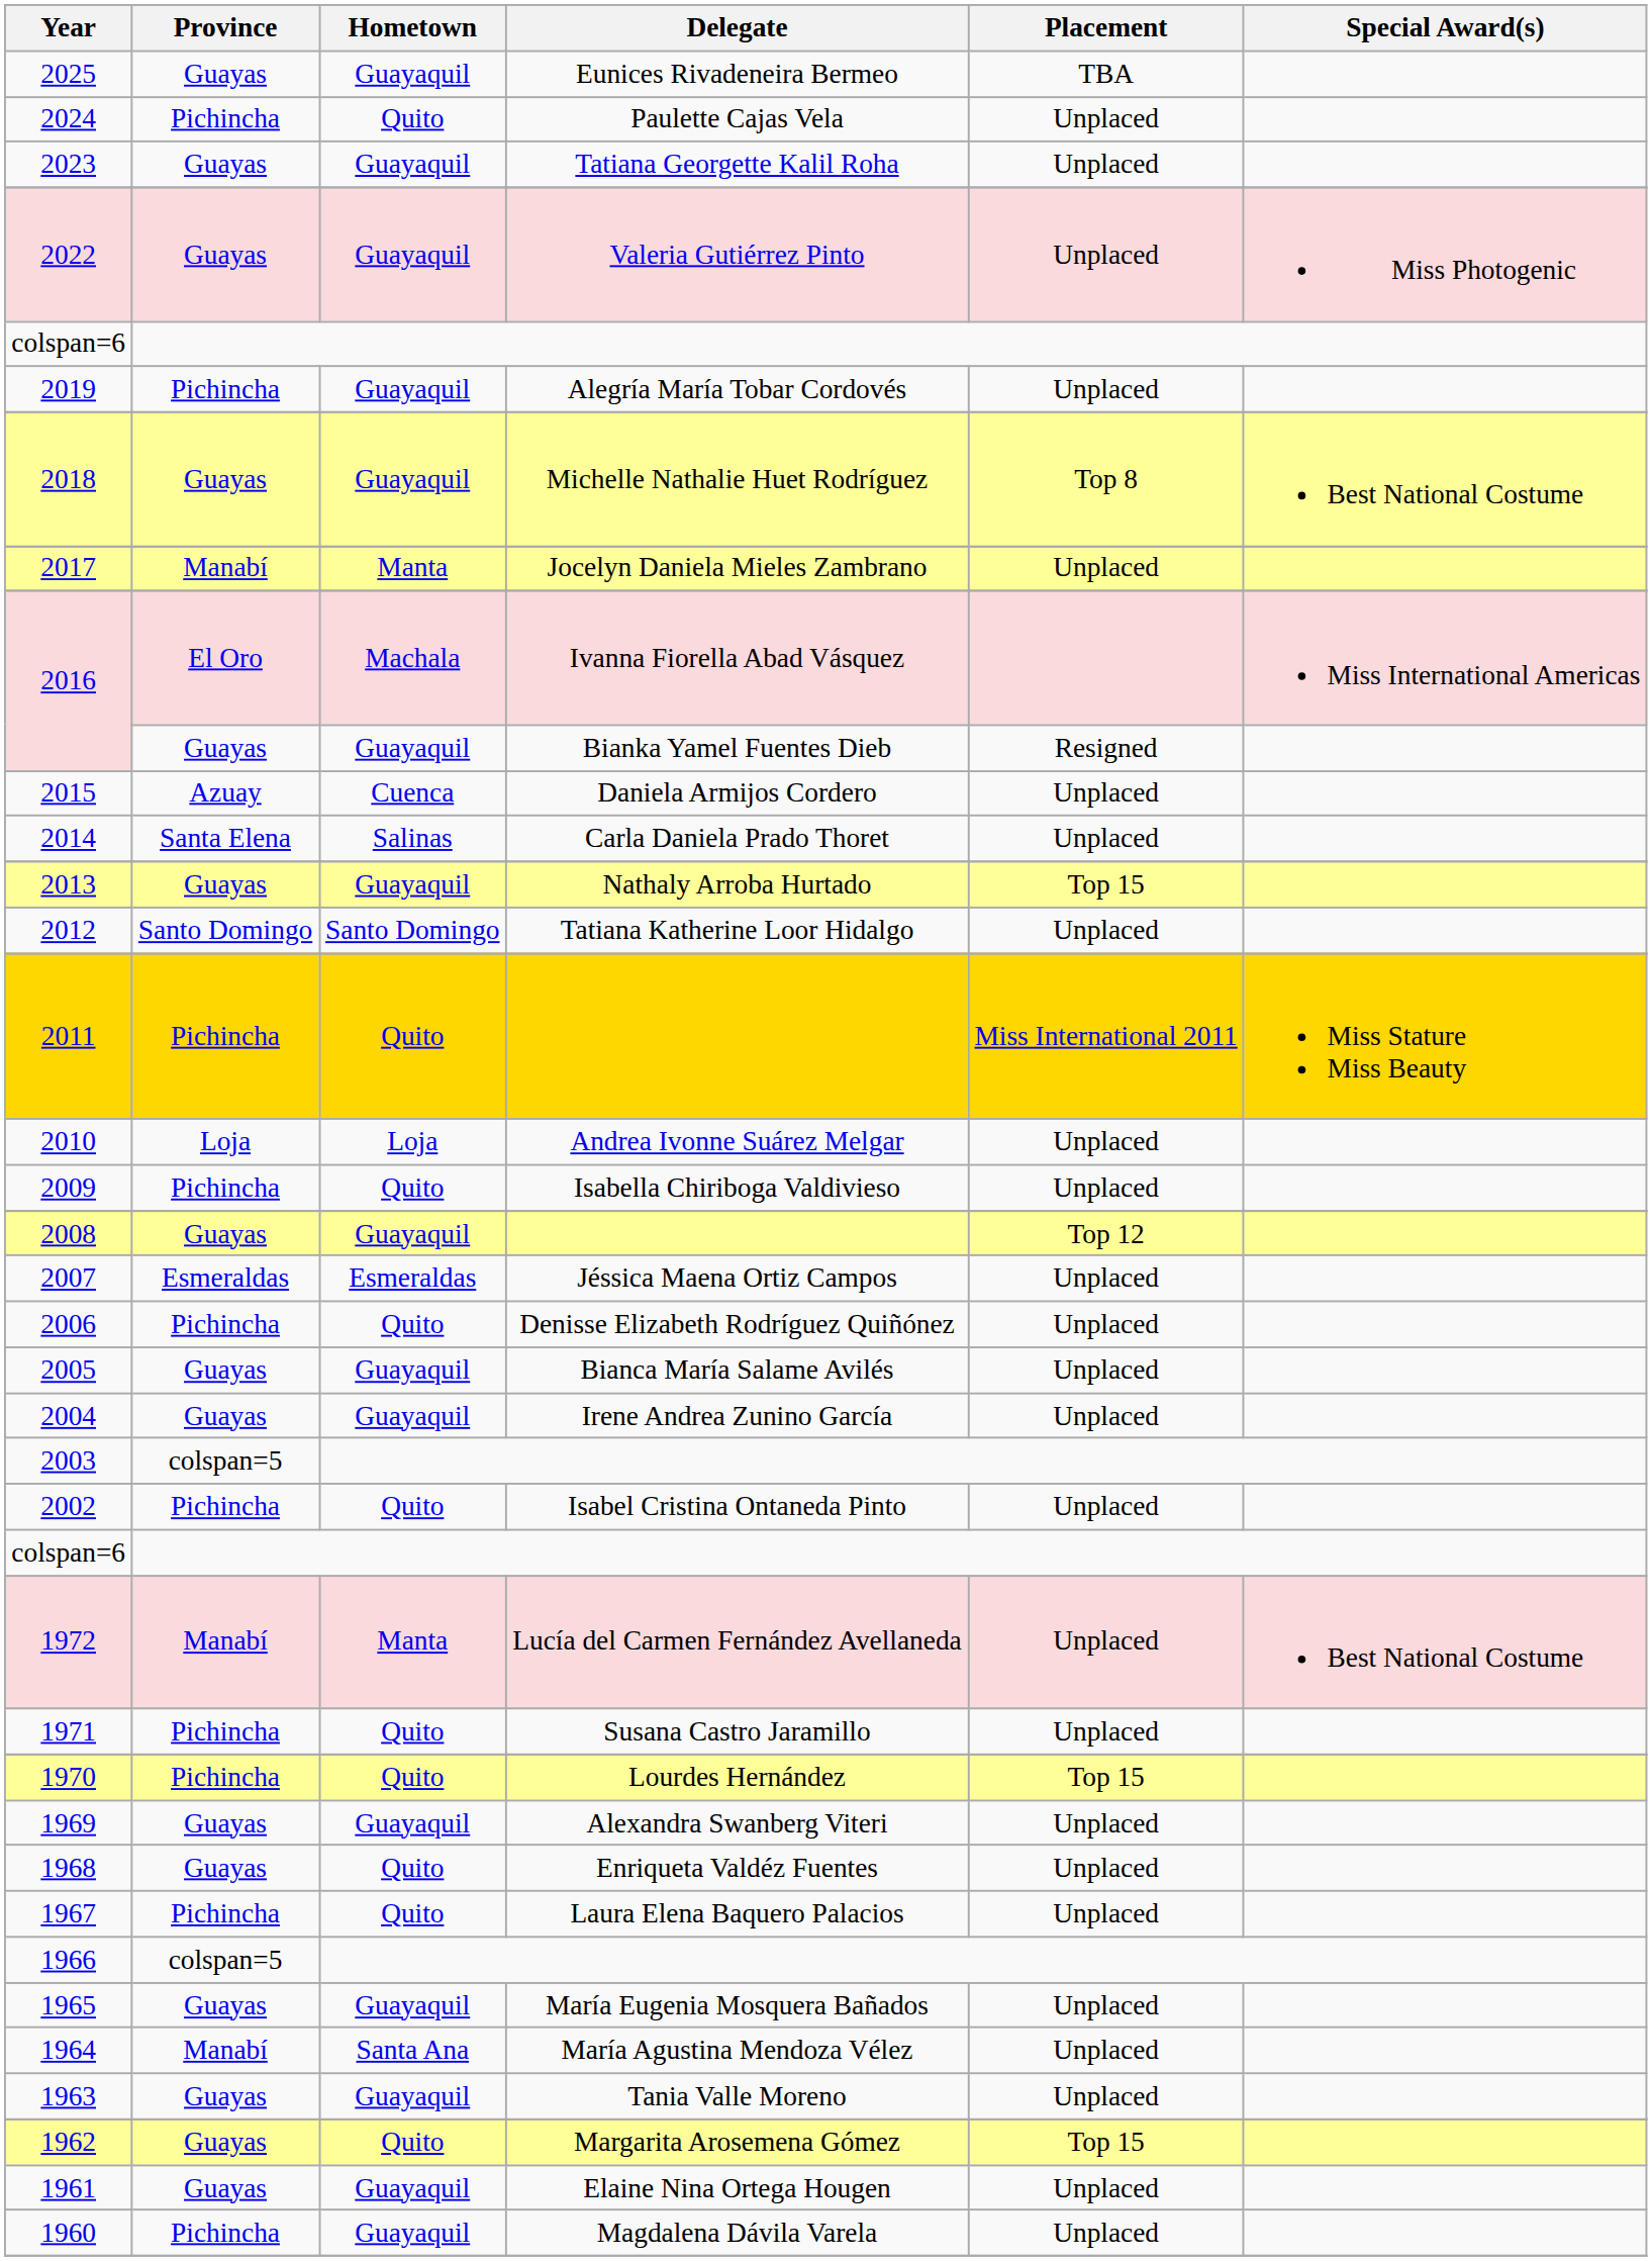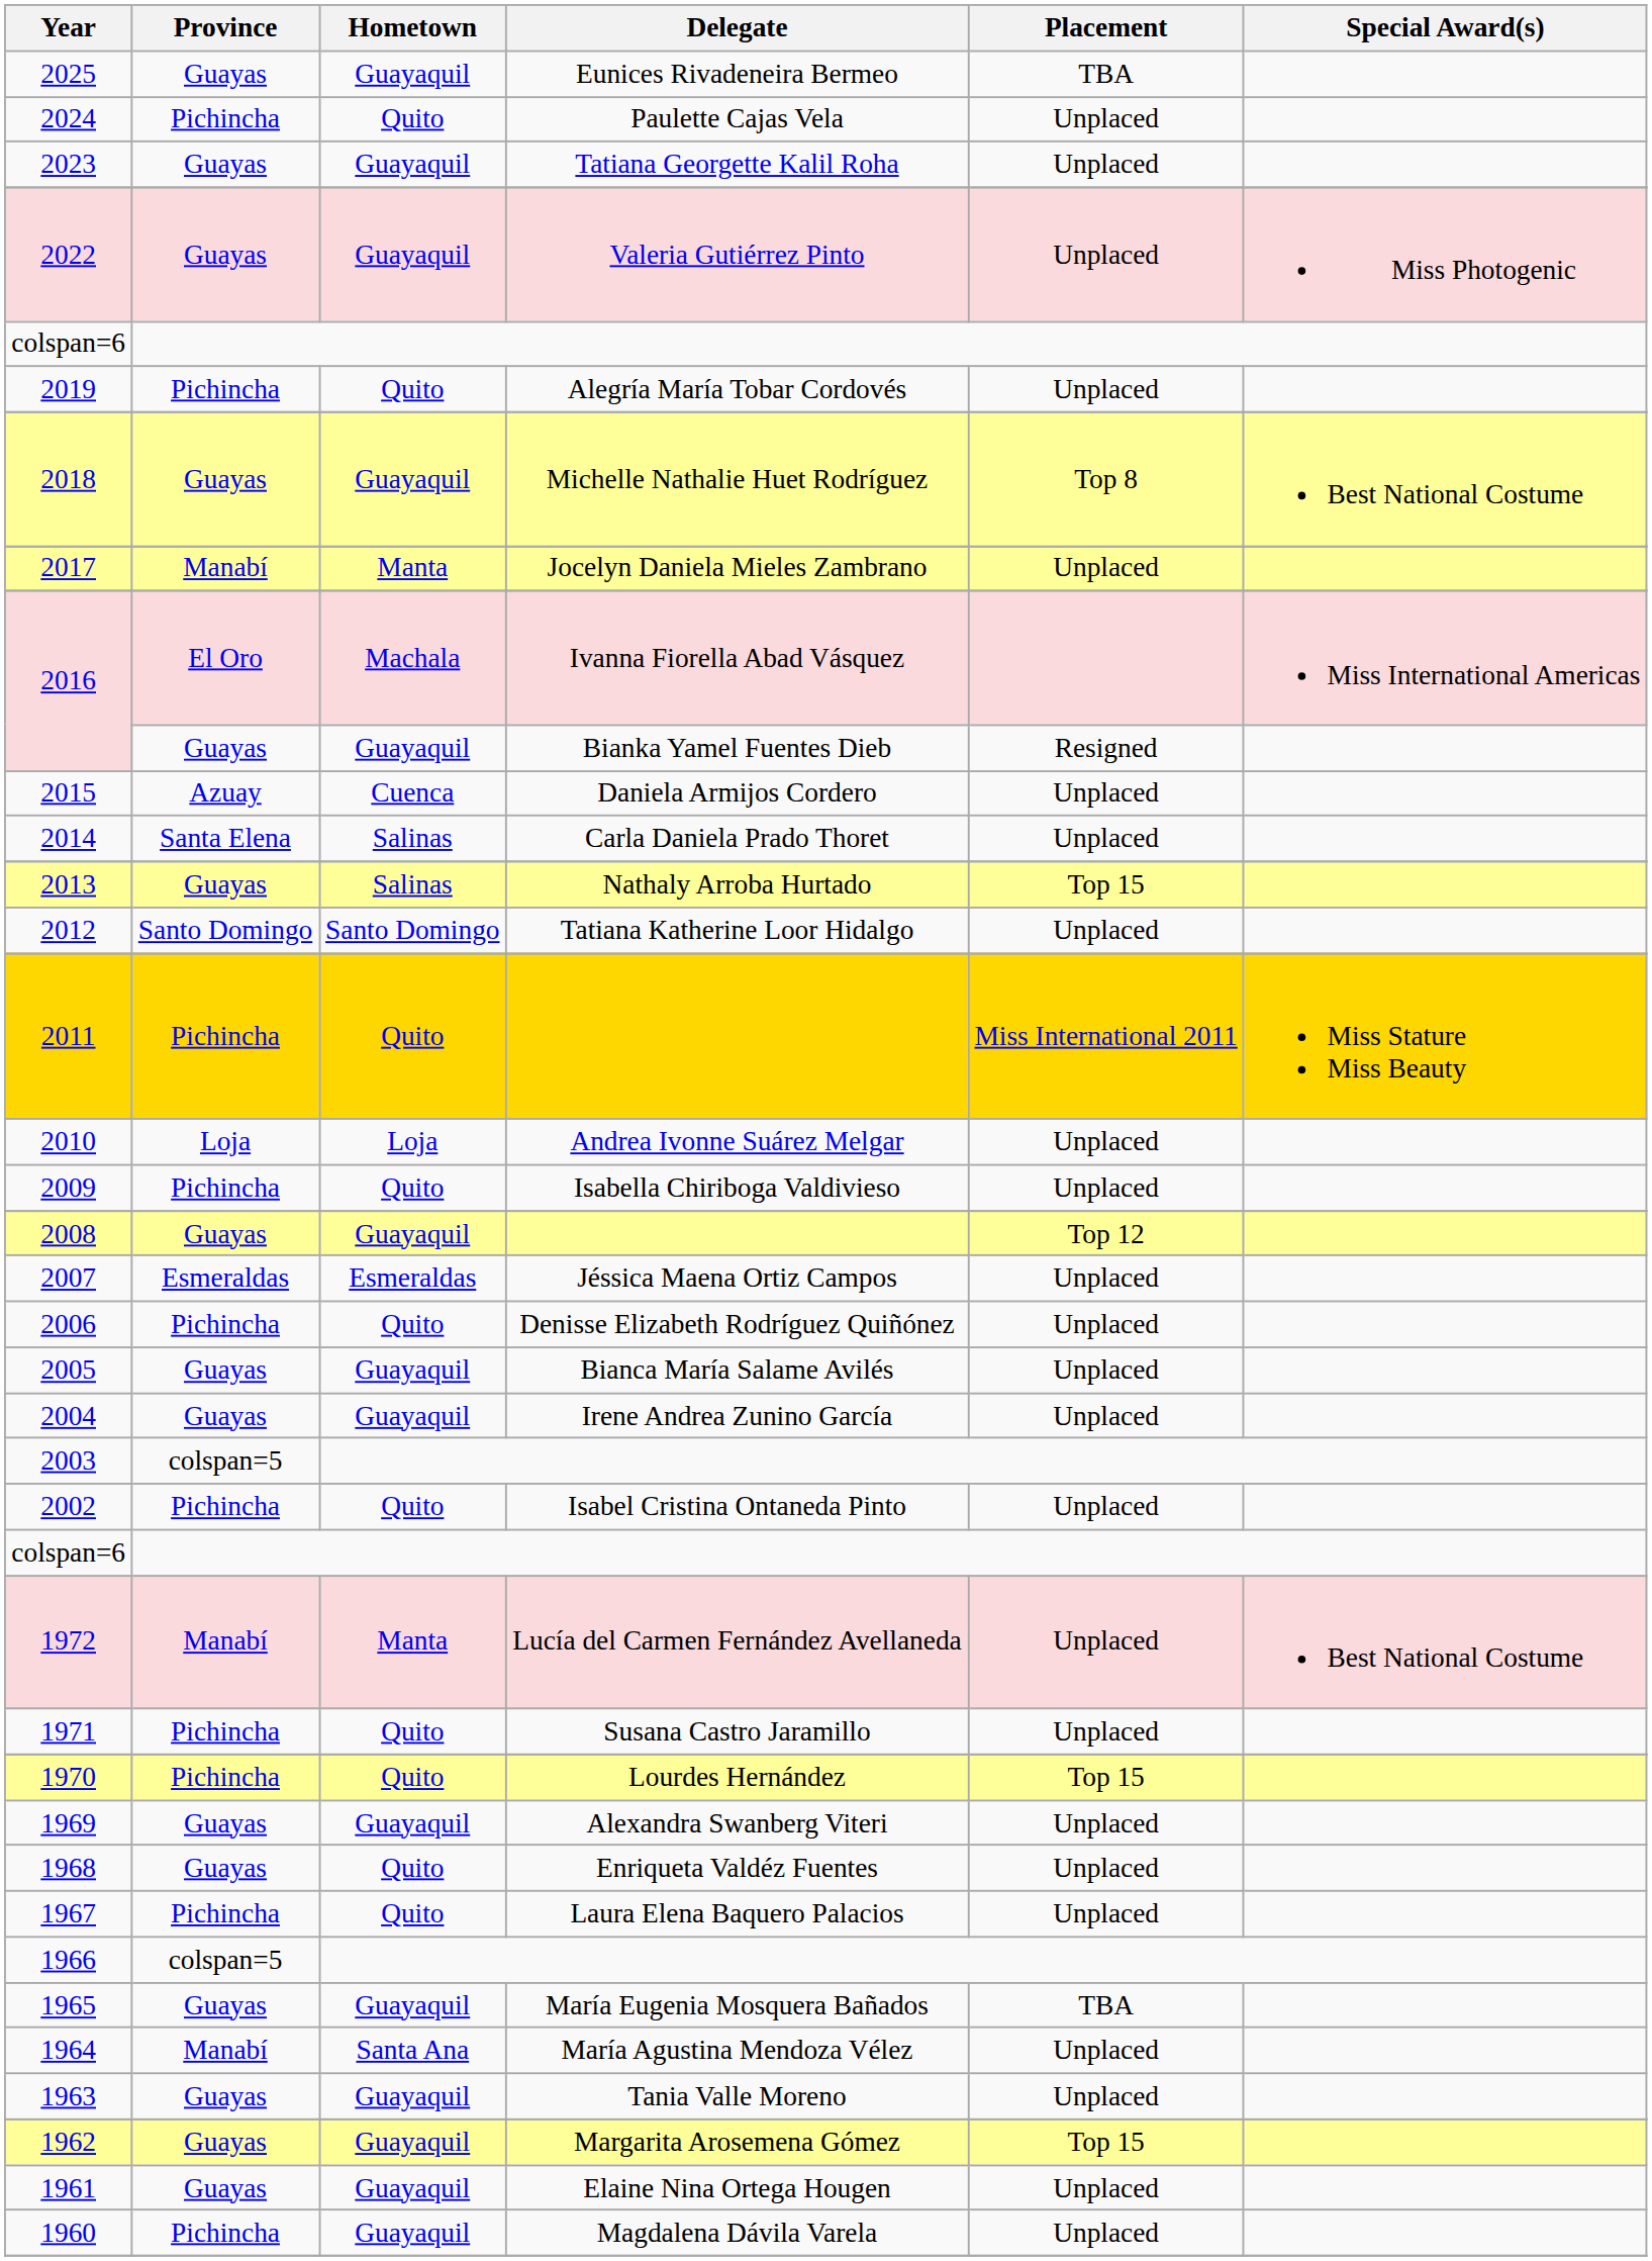 <table class="wikitable " style="font-size: 90%; text-align:center;">
 <tr>
 <th>Year</th>
 <th>Province</th>
 <th>Hometown</th>
 <th>Delegate</th>
 <th>Placement</th>
 <th>Special Award(s)</th>
 </tr>
 <tr>
 <td><a href='#'>2025</a></td>
 <td><a href='#'>Guayas</a></td>
 <td><a href='#'>Guayaquil</a></td>
 <td>Eunices Rivadeneira Bermeo</td>
 <td>TBA</td>
 <td></td>
 </tr>
 <tr>
 <td><a href='#'>2024</a></td>
 <td><a href='#'>Pichincha</a></td>
 <td><a href='#'>Quito</a></td>
 <td>Paulette Cajas Vela</td>
 <td>Unplaced</td>
 <td></td>
 </tr>
 <tr>
 <td><a href='#'>2023</a></td>
 <td><a href='#'>Guayas</a></td>
 <td><a href='#'>Guayaquil</a></td>
 <td><a href='#'>Tatiana Georgette Kalil Roha</a></td>
 <td>Unplaced</td>
 <td></td>
 </tr>
 <tr>
 </tr>
 <tr style="background:#FADADD;">
 <td><a href='#'>2022</a></td>
 <td><a href='#'>Guayas</a></td>
 <td><a href='#'>Guayaquil</a></td>
 <td><a href='#'>Valeria Gutiérrez Pinto</a></td>
 <td>Unplaced</td>
 <td><br><ul><li>Miss Photogenic</li></ul></td>
 </tr>
 <tr>
 <td>colspan=6 </td>
 </tr>
 <tr>
 <td><a href='#'>2019</a></td>
 <td><a href='#'>Pichincha</a></td>
-<td><a href='#'>Guayaquil</a></td>
+<td><a href='#'>Quito</a></td>
 <td>Alegría María Tobar Cordovés</td>
 <td>Unplaced</td>
 <td></td>
 </tr>
 <tr>
 </tr>
 <tr style="background-color:#FFFF99;">
 <td><a href='#'>2018</a></td>
 <td><a href='#'>Guayas</a></td>
 <td><a href='#'>Guayaquil</a></td>
 <td>Michelle Nathalie Huet Rodríguez</td>
 <td>Top 8</td>
 <td align="left"><br><ul><li>Best National Costume</li></ul></td>
 </tr>
 <tr>
 </tr>
 <tr style="background-color:#FFFF99;">
 <td><a href='#'>2017</a></td>
 <td><a href='#'>Manabí</a></td>
 <td><a href='#'>Manta</a></td>
 <td>Jocelyn Daniela Mieles Zambrano</td>
 <td>Unplaced</td>
 <td></td>
 </tr>
 <tr>
 </tr>
 <tr style="background-color:#FADADD;">
 <td rowspan=2><a href='#'>2016</a></td>
 <td><a href='#'>El Oro</a></td>
 <td><a href='#'>Machala</a></td>
 <td>Ivanna Fiorella Abad Vásquez</td>
 <td></td>
 <td align="left"><br><ul><li>Miss International Americas</li></ul></td>
 </tr>
 <tr>
 <td><a href='#'>Guayas</a></td>
 <td><a href='#'>Guayaquil</a></td>
 <td>Bianka Yamel Fuentes Dieb</td>
 <td>Resigned</td>
 <td></td>
 </tr>
 <tr>
 <td><a href='#'>2015</a></td>
 <td><a href='#'>Azuay</a></td>
 <td><a href='#'>Cuenca</a></td>
 <td>Daniela Armijos Cordero</td>
 <td>Unplaced</td>
 <td></td>
 </tr>
 <tr>
 <td><a href='#'>2014</a></td>
 <td><a href='#'>Santa Elena</a></td>
 <td><a href='#'>Salinas</a></td>
 <td>Carla Daniela Prado Thoret</td>
 <td>Unplaced</td>
 <td></td>
 </tr>
 <tr>
 </tr>
 <tr style="background-color:#FFFF99;">
 <td><a href='#'>2013</a></td>
 <td><a href='#'>Guayas</a></td>
-<td><a href='#'>Guayaquil</a></td>
+<td><a href='#'>Salinas</a></td>
 <td>Nathaly Arroba Hurtado</td>
 <td>Top 15</td>
 <td></td>
 </tr>
 <tr>
 <td><a href='#'>2012</a></td>
 <td><a href='#'>Santo Domingo</a></td>
 <td><a href='#'>Santo Domingo</a></td>
 <td>Tatiana Katherine Loor Hidalgo</td>
 <td>Unplaced</td>
 <td></td>
 </tr>
 <tr>
 </tr>
 <tr style="background-color:gold;">
 <td><a href='#'>2011</a></td>
 <td><a href='#'>Pichincha</a></td>
 <td><a href='#'>Quito</a></td>
 <td></td>
 <td><a href='#'>Miss International 2011</a></td>
 <td align="left"><br><ul><li>Miss Stature</li><li>Miss Beauty</li></ul></td>
 </tr>
 <tr>
 <td><a href='#'>2010</a></td>
 <td><a href='#'>Loja</a></td>
 <td><a href='#'>Loja</a></td>
 <td><a href='#'>Andrea Ivonne Suárez Melgar</a></td>
 <td>Unplaced</td>
 <td></td>
 </tr>
 <tr>
 <td><a href='#'>2009</a></td>
 <td><a href='#'>Pichincha</a></td>
 <td><a href='#'>Quito</a></td>
 <td>Isabella Chiriboga Valdivieso</td>
 <td>Unplaced</td>
 <td></td>
 </tr>
 <tr>
 </tr>
 <tr style="background-color:#FFFF99;">
 <td><a href='#'>2008</a></td>
 <td><a href='#'>Guayas</a></td>
 <td><a href='#'>Guayaquil</a></td>
 <td></td>
 <td>Top 12</td>
 <td></td>
 </tr>
 <tr>
 <td><a href='#'>2007</a></td>
 <td><a href='#'>Esmeraldas</a></td>
 <td><a href='#'>Esmeraldas</a></td>
 <td>Jéssica Maena Ortiz Campos</td>
 <td>Unplaced</td>
 <td></td>
 </tr>
 <tr>
 <td><a href='#'>2006</a></td>
 <td><a href='#'>Pichincha</a></td>
 <td><a href='#'>Quito</a></td>
 <td>Denisse Elizabeth Rodríguez Quiñónez</td>
 <td>Unplaced</td>
 <td></td>
 </tr>
 <tr>
 <td><a href='#'>2005</a></td>
 <td><a href='#'>Guayas</a></td>
 <td><a href='#'>Guayaquil</a></td>
 <td>Bianca María Salame Avilés</td>
 <td>Unplaced</td>
 <td></td>
 </tr>
 <tr>
 <td><a href='#'>2004</a></td>
 <td><a href='#'>Guayas</a></td>
 <td><a href='#'>Guayaquil</a></td>
 <td>Irene Andrea Zunino García</td>
 <td>Unplaced</td>
 <td></td>
 </tr>
 <tr>
 <td><a href='#'>2003</a></td>
 <td>colspan=5 </td>
 </tr>
 <tr>
 <td><a href='#'>2002</a></td>
 <td><a href='#'>Pichincha</a></td>
 <td><a href='#'>Quito</a></td>
 <td>Isabel Cristina Ontaneda Pinto</td>
 <td>Unplaced</td>
 <td></td>
 </tr>
 <tr>
 <td>colspan=6 </td>
 </tr>
 <tr style="background-color:#FADADD;">
 <td><a href='#'>1972</a></td>
 <td><a href='#'>Manabí</a></td>
 <td><a href='#'>Manta</a></td>
 <td>Lucía del Carmen Fernández Avellaneda</td>
 <td>Unplaced</td>
 <td align="left"><br><ul><li>Best National Costume</li></ul></td>
 </tr>
 <tr>
 <td><a href='#'>1971</a></td>
 <td><a href='#'>Pichincha</a></td>
 <td><a href='#'>Quito</a></td>
 <td>Susana Castro Jaramillo</td>
 <td>Unplaced</td>
 <td></td>
 </tr>
 <tr>
 </tr>
 <tr style="background-color:#FFFF99;">
 <td><a href='#'>1970</a></td>
 <td><a href='#'>Pichincha</a></td>
 <td><a href='#'>Quito</a></td>
 <td>Lourdes Hernández</td>
 <td>Top 15</td>
 <td></td>
 </tr>
 <tr>
 <td><a href='#'>1969</a></td>
 <td><a href='#'>Guayas</a></td>
 <td><a href='#'>Guayaquil</a></td>
 <td>Alexandra Swanberg Viteri</td>
 <td>Unplaced</td>
 <td></td>
 </tr>
 <tr>
 <td><a href='#'>1968</a></td>
 <td><a href='#'>Guayas</a></td>
 <td><a href='#'>Quito</a></td>
 <td>Enriqueta Valdéz Fuentes</td>
 <td>Unplaced</td>
 <td></td>
 </tr>
 <tr>
 <td><a href='#'>1967</a></td>
 <td><a href='#'>Pichincha</a></td>
 <td><a href='#'>Quito</a></td>
 <td>Laura Elena Baquero Palacios</td>
 <td>Unplaced</td>
 <td></td>
 </tr>
 <tr>
 <td><a href='#'>1966</a></td>
 <td>colspan=5 </td>
 </tr>
 <tr>
 <td><a href='#'>1965</a></td>
 <td><a href='#'>Guayas</a></td>
 <td><a href='#'>Guayaquil</a></td>
 <td>María Eugenia Mosquera Bañados</td>
-<td>Unplaced</td>
+<td>TBA</td>
 <td></td>
 </tr>
 <tr>
 <td><a href='#'>1964</a></td>
 <td><a href='#'>Manabí</a></td>
 <td><a href='#'>Santa Ana</a></td>
 <td>María Agustina Mendoza Vélez</td>
 <td>Unplaced</td>
 <td></td>
 </tr>
 <tr>
 <td><a href='#'>1963</a></td>
 <td><a href='#'>Guayas</a></td>
 <td><a href='#'>Guayaquil</a></td>
 <td>Tania Valle Moreno</td>
 <td>Unplaced</td>
 <td></td>
 </tr>
 <tr>
 </tr>
 <tr style="background-color:#FFFF99;">
 <td><a href='#'>1962</a></td>
 <td><a href='#'>Guayas</a></td>
-<td><a href='#'>Quito</a></td>
+<td><a href='#'>Guayaquil</a></td>
 <td>Margarita Arosemena Gómez</td>
 <td>Top 15</td>
 <td></td>
 </tr>
 <tr>
 <td><a href='#'>1961</a></td>
 <td><a href='#'>Guayas</a></td>
 <td><a href='#'>Guayaquil</a></td>
 <td>Elaine Nina Ortega Hougen</td>
 <td>Unplaced</td>
 <td></td>
 </tr>
 <tr>
 <td><a href='#'>1960</a></td>
 <td><a href='#'>Pichincha</a></td>
 <td><a href='#'>Guayaquil</a></td>
 <td>Magdalena Dávila Varela</td>
 <td>Unplaced</td>
 <td></td>
 </tr>
 <tr>
 </tr>
 </table>
